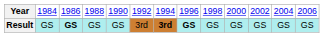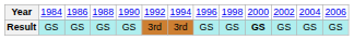 <table class="wikitable" style="text-align:center; font-size:90%; background:white">
 <tr>
 <th>Year</th>
 <td><a href='#'>1984</a></td>
 <td><a href='#'>1986</a></td>
 <td><a href='#'>1988</a></td>
 <td><a href='#'>1990</a></td>
 <td><a href='#'>1992</a></td>
 <td><a href='#'>1994</a></td>
 <td><a href='#'>1996</a></td>
 <td><a href='#'>1998</a></td>
 <td><a href='#'>2000</a></td>
 <td><a href='#'>2002</a></td>
 <td><a href='#'>2004</a></td>
 <td><a href='#'>2006</a></td>
 </tr>
 <tr>
 <th>Result</th>
 <td bgcolor="afeeee">GS</td>
-<td bgcolor="afeeee"><strong>GS</strong></td>
+<td bgcolor="afeeee">GS</td>
 <td bgcolor="afeeee">GS</td>
 <td bgcolor="afeeee">GS</td>
 <td bgcolor="cd7f32">3rd</td>
-<td bgcolor="cd7f32"><strong>3rd</strong></td>
-<td bgcolor="afeeee"><strong>GS</strong></td>
+<td bgcolor="cd7f32">3rd</td>
 <td bgcolor="afeeee">GS</td>
 <td bgcolor="afeeee">GS</td>
+<td bgcolor="afeeee"><strong>GS</strong></td>
 <td bgcolor="afeeee">GS</td>
 <td bgcolor="afeeee">GS</td>
 <td bgcolor="afeeee">GS</td>
 </tr>
 </table>
